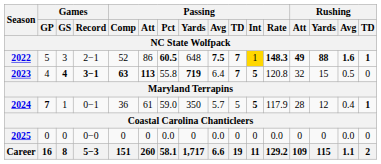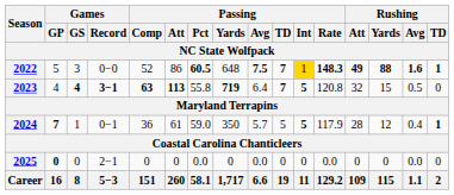 <table class="wikitable" style="text-align:center;">
 <tr>
 <th rowspan="2">Season</th>
 <th colspan="3">Games</th>
 <th colspan="8">Passing</th>
 <th colspan="5">Rushing</th>
 </tr>
 <tr>
 <th>GP</th>
 <th>GS</th>
 <th>Record</th>
 <th>Comp</th>
 <th>Att</th>
 <th>Pct</th>
 <th>Yards</th>
 <th>Avg</th>
 <th>TD</th>
 <th>Int</th>
 <th>Rate</th>
 <th>Att</th>
 <th>Yards</th>
 <th>Avg</th>
 <th>TD</th>
 </tr>
 <tr>
 <th colspan="16">NC State Wolfpack</th>
 </tr>
 <tr>
 <th><a href='#'>2022</a></th>
 <td>5</td>
 <td>3</td>
-<td>2−1</td>
+<td>0−0</td>
 <td>52</td>
 <td>86</td>
 <td><strong>60.5</strong></td>
 <td>648</td>
 <td><strong>7.5</strong></td>
 <td><strong>7</strong></td>
 <td style="background: gold;">1</td>
 <td><strong>148.3</strong></td>
 <td><strong>49</strong></td>
 <td><strong>88</strong></td>
 <td><strong>1.6</strong></td>
 <td><strong>1</strong></td>
 </tr>
 <tr>
 <th><a href='#'>2023</a></th>
 <td>4</td>
 <td><strong>4</strong></td>
 <td><strong>3−1</strong></td>
 <td><strong>63</strong></td>
 <td><strong>113</strong></td>
 <td>55.8</td>
 <td><strong>719</strong></td>
 <td>6.4</td>
 <td><strong>7</strong></td>
 <td><strong>5</strong></td>
 <td>120.8</td>
 <td>32</td>
 <td>15</td>
 <td>0.5</td>
 <td>0</td>
 </tr>
 <tr>
 <th colspan="16">Maryland Terrapins</th>
 </tr>
 <tr>
 <th><a href='#'>2024</a></th>
 <td><strong>7</strong></td>
 <td>1</td>
 <td>0−1</td>
 <td>36</td>
 <td>61</td>
 <td>59.0</td>
 <td>350</td>
 <td>5.7</td>
 <td>5</td>
 <td><strong>5</strong></td>
 <td>117.9</td>
 <td>28</td>
 <td>12</td>
 <td>0.4</td>
 <td><strong>1</strong></td>
 </tr>
 <tr>
 <th colspan="16">Coastal Carolina Chanticleers</th>
 </tr>
 <tr>
 <th><a href='#'>2025</a></th>
+<td><strong>0</strong></td>
 <td>0</td>
-<td>0</td>
-<td>0−0</td>
+<td>2−1</td>
 <td>0</td>
 <td>0</td>
 <td>0.0</td>
 <td>0</td>
 <td>0.0</td>
 <td>0</td>
 <td>0</td>
 <td>0.0</td>
 <td>0</td>
 <td>0</td>
 <td>0.0</td>
 <td>0</td>
 </tr>
 <tr>
 <th>Career</th>
 <th>16</th>
 <th>8</th>
 <th>5−3</th>
 <th>151</th>
 <th>260</th>
 <th>58.1</th>
 <th>1,717</th>
 <th>6.6</th>
 <th>19</th>
 <th>11</th>
 <th>129.2</th>
 <th>109</th>
 <th>115</th>
 <th>1.1</th>
 <th>2</th>
 </tr>
 </table>
